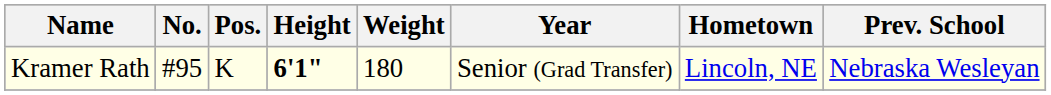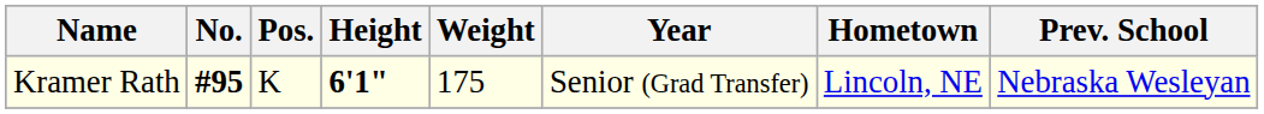 <table class="wikitable sortable">
 <tr>
 <th>Name</th>
 <th>No.</th>
 <th>Pos.</th>
 <th>Height</th>
 <th>Weight</th>
 <th>Year</th>
 <th>Hometown</th>
 <th class="unsortable">Prev. School</th>
 </tr>
 <tr style="background:#FFFFE6;">
 <td>Kramer Rath</td>
-<td>#95</td>
+<td><strong>#95</strong></td>
 <td>K</td>
 <td><strong>6'1"</strong></td>
-<td>180</td>
+<td>175</td>
 <td>Senior <small>(Grad Transfer)</small></td>
 <td><a href='#'>Lincoln, NE</a></td>
 <td><a href='#'>Nebraska Wesleyan</a></td>
 </tr>
 </table>
